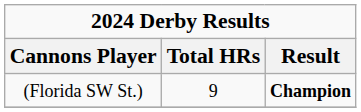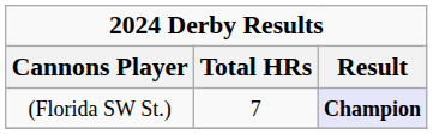 <table class="wikitable" style="text-align:center">
 <tr>
 <td colspan="6"><strong>2024 Derby Results</strong></td>
 </tr>
 <tr>
 <th>Cannons Player</th>
 <th>Total HRs</th>
 <th>Result</th>
 </tr>
 <tr>
 <td><small> (Florida SW St.)</small></td>
-<td><small>9</small></td>
-<td><strong><small>Champion</small></strong></td>
+<td><small>7</small></td>
+<td style="background: lavender;"><strong><small>Champion</small></strong></td>
 </tr>
 <tr>
 </tr>
 </table>
